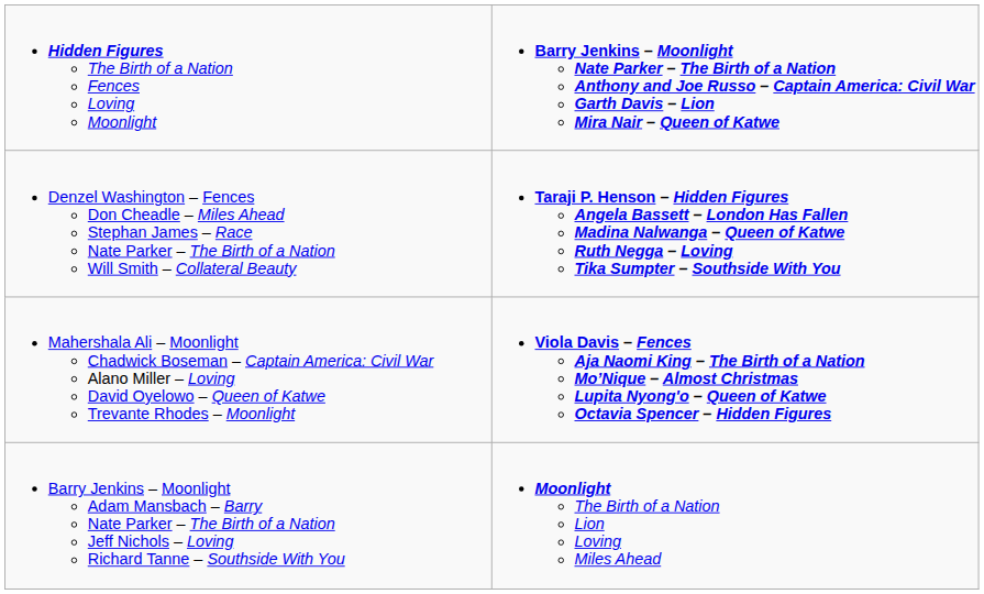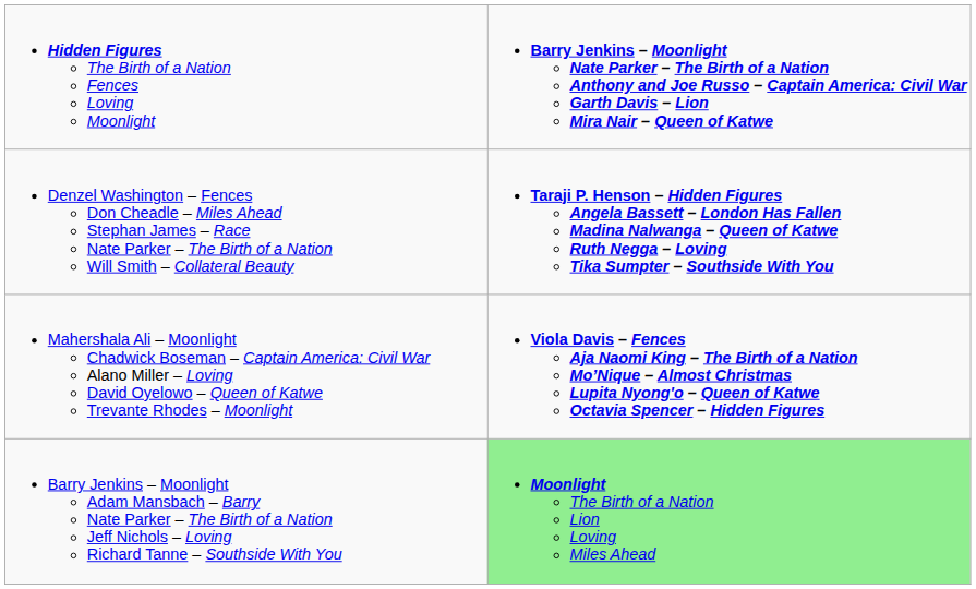 <table class="wikitable">
 <tr>
 <td width="50%" valign="top"><br><ul><li><strong><em><a href='#'>Hidden Figures</a></em></strong><ul><li><em><a href='#'>The Birth of a Nation</a></em></li><li><em><a href='#'>Fences</a></em></li><li><em><a href='#'>Loving</a></em></li><li><em><a href='#'>Moonlight</a></em></li></ul></li></ul></td>
 <td width="50%" valign="top"><br><ul><li><strong><a href='#'>Barry Jenkins</a> – <em><a href='#'>Moonlight</a><strong><em><ul><li><a href='#'>Nate Parker</a> – </em><a href='#'>The Birth of a Nation</a><em></li><li><a href='#'>Anthony and Joe Russo</a> – </em><a href='#'>Captain America: Civil War</a><em></li><li><a href='#'>Garth Davis</a> – </em><a href='#'>Lion</a><em></li><li><a href='#'>Mira Nair</a> – </em><a href='#'>Queen of Katwe</a><em></li></ul></li></ul></td>
 </tr>
 <tr>
 <td width="50%" valign="top"><br><ul><li></strong><a href='#'>Denzel Washington</a> – </em><a href='#'>Fences</a></em></strong><ul><li><a href='#'>Don Cheadle</a> – <em><a href='#'>Miles Ahead</a></em></li><li><a href='#'>Stephan James</a> – <em><a href='#'>Race</a></em></li><li><a href='#'>Nate Parker</a> – <em><a href='#'>The Birth of a Nation</a></em></li><li><a href='#'>Will Smith</a> – <em><a href='#'>Collateral Beauty</a></em></li></ul></li></ul></td>
 <td width="50%" valign="top"><br><ul><li><strong><a href='#'>Taraji P. Henson</a> – <em><a href='#'>Hidden Figures</a><strong><em><ul><li><a href='#'>Angela Bassett</a> – </em><a href='#'>London Has Fallen</a><em></li><li><a href='#'>Madina Nalwanga</a> – </em><a href='#'>Queen of Katwe</a><em></li><li><a href='#'>Ruth Negga</a> – </em><a href='#'>Loving</a><em></li><li><a href='#'>Tika Sumpter</a> – </em><a href='#'>Southside With You</a><em></li></ul></li></ul></td>
 </tr>
 <tr>
 <td width="50%" valign="top"><br><ul><li></strong><a href='#'>Mahershala Ali</a> – </em><a href='#'>Moonlight</a></em></strong><ul><li><a href='#'>Chadwick Boseman</a> – <em><a href='#'>Captain America: Civil War</a></em></li><li>Alano Miller – <em><a href='#'>Loving</a></em></li><li><a href='#'>David Oyelowo</a> – <em><a href='#'>Queen of Katwe</a></em></li><li><a href='#'>Trevante Rhodes</a> – <em><a href='#'>Moonlight</a></em></li></ul></li></ul></td>
 <td width="50%" valign="top"><br><ul><li><strong><a href='#'>Viola Davis</a> – <em><a href='#'>Fences</a><strong><em><ul><li><a href='#'>Aja Naomi King</a> – </em><a href='#'>The Birth of a Nation</a><em></li><li><a href='#'>Mo’Nique</a> – </em><a href='#'>Almost Christmas</a><em></li><li><a href='#'>Lupita Nyong'o</a> – </em><a href='#'>Queen of Katwe</a><em></li><li><a href='#'>Octavia Spencer</a> – </em><a href='#'>Hidden Figures</a><em></li></ul></li></ul></td>
 </tr>
 <tr>
 <td width="50%" valign="top"><br><ul><li></strong><a href='#'>Barry Jenkins</a> – </em><a href='#'>Moonlight</a></em></strong><ul><li><a href='#'>Adam Mansbach</a> – <em><a href='#'>Barry</a></em></li><li><a href='#'>Nate Parker</a> – <em><a href='#'>The Birth of a Nation</a></em></li><li><a href='#'>Jeff Nichols</a> – <em><a href='#'>Loving</a></em></li><li><a href='#'>Richard Tanne</a> – <em><a href='#'>Southside With You</a></em></li></ul></li></ul></td>
-<td width="50%" valign="top"><br><ul><li><strong><em><a href='#'>Moonlight</a></em></strong><ul><li><em><a href='#'>The Birth of a Nation</a></em></li><li><em><a href='#'>Lion</a></em></li><li><em><a href='#'>Loving</a></em></li><li><em><a href='#'>Miles Ahead</a></em></li></ul></li></ul></td>
+<td width="50%" valign="top" style="background: lightgreen;"><br><ul><li><strong><em><a href='#'>Moonlight</a></em></strong><ul><li><em><a href='#'>The Birth of a Nation</a></em></li><li><em><a href='#'>Lion</a></em></li><li><em><a href='#'>Loving</a></em></li><li><em><a href='#'>Miles Ahead</a></em></li></ul></li></ul></td>
 </tr>
 </table>
